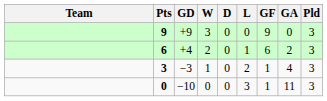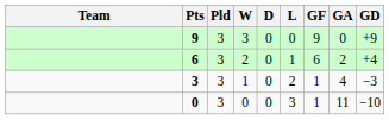 <table class=wikitable style="text-align:center">
 <tr>
 <th width=200>Team</th>
 <th width=20>Pts</th>
-<th width=20>GD</th>
+<th width=20>Pld</th>
 <th width=20>W</th>
 <th width=20>D</th>
 <th width=20>L</th>
 <th width=20>GF</th>
 <th width=20>GA</th>
-<th width=20>Pld</th>
+<th width=20>GD</th>
 </tr>
 <tr style=background:#ccffcc>
 <td align=left></td>
 <td><strong>9</strong></td>
-<td>+9</td>
+<td>3</td>
 <td>3</td>
 <td>0</td>
 <td>0</td>
 <td>9</td>
 <td>0</td>
-<td>3</td>
+<td>+9</td>
 </tr>
 <tr style=background:#ccffcc>
 <td align=left></td>
 <td><strong>6</strong></td>
-<td>+4</td>
+<td>3</td>
 <td>2</td>
 <td>0</td>
 <td>1</td>
 <td>6</td>
 <td>2</td>
-<td>3</td>
+<td>+4</td>
 </tr>
 <tr>
 <td align=left></td>
 <td><strong>3</strong></td>
-<td>−3</td>
+<td>3</td>
 <td>1</td>
 <td>0</td>
 <td>2</td>
 <td>1</td>
 <td>4</td>
-<td>3</td>
+<td>−3</td>
 </tr>
 <tr>
 <td align=left></td>
 <td><strong>0</strong></td>
-<td>−10</td>
+<td>3</td>
 <td>0</td>
 <td>0</td>
 <td>3</td>
 <td>1</td>
 <td>11</td>
-<td>3</td>
+<td>−10</td>
 </tr>
 </table>
